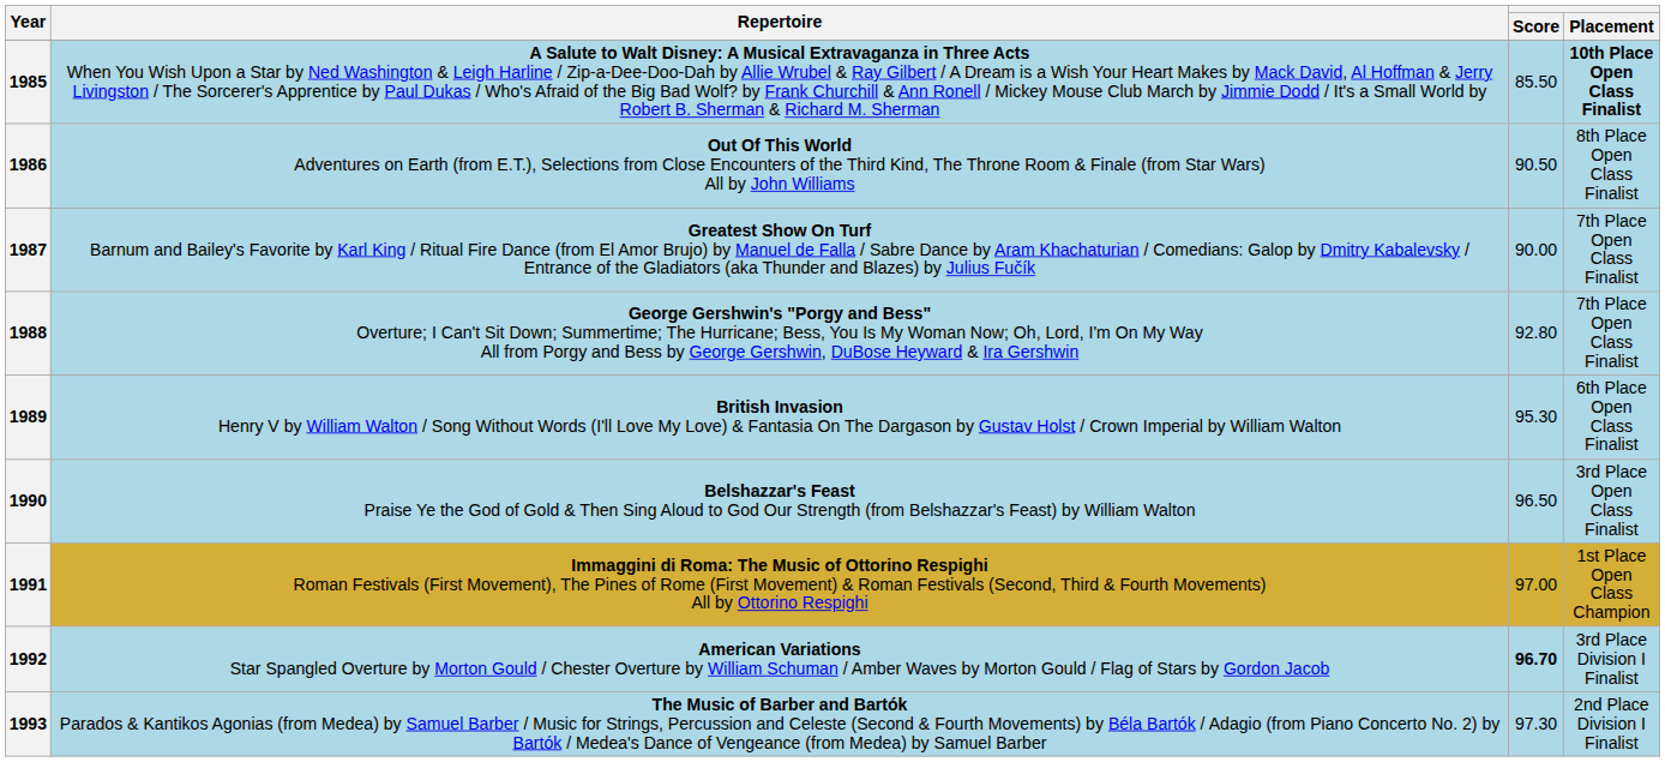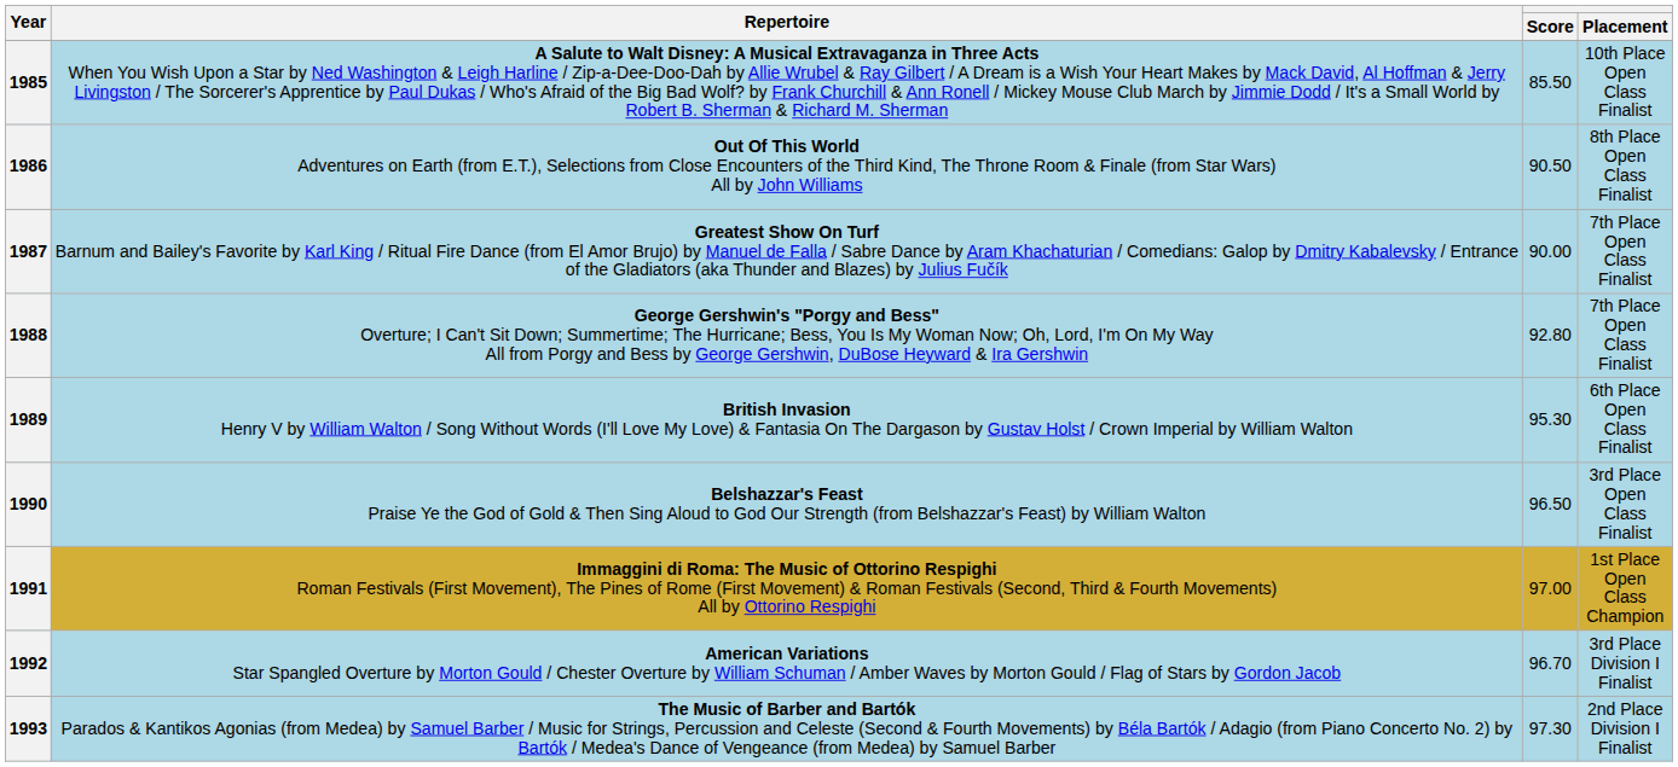 <table class="wikitable" style="text-align: center">
 <tr>
 <th scope="col" rowspan="2">Year</th>
 <th scope="col" rowspan="2">Repertoire</th>
 <th scope="col" colspan="2"></th>
 </tr>
 <tr>
 <th scope="col">Score</th>
 <th scope="col">Placement</th>
 </tr>
 <tr>
 </tr>
 <tr bgcolor =#ADD8E6>
 <th scope="row">1985</th>
 <td><strong>A Salute to Walt Disney: A Musical Extravaganza in Three Acts</strong><br>When You Wish Upon a Star by <a href='#'>Ned Washington</a> & <a href='#'>Leigh Harline</a> / Zip-a-Dee-Doo-Dah by <a href='#'>Allie Wrubel</a> & <a href='#'>Ray Gilbert</a> / A Dream is a Wish Your Heart Makes by <a href='#'>Mack David</a>, <a href='#'>Al Hoffman</a> & <a href='#'>Jerry Livingston</a> / The Sorcerer's Apprentice by <a href='#'>Paul Dukas</a> / Who's Afraid of the Big Bad Wolf? by <a href='#'>Frank Churchill</a> & <a href='#'>Ann Ronell</a> / Mickey Mouse Club March by <a href='#'>Jimmie Dodd</a> / It's a Small World by <a href='#'>Robert B. Sherman</a> & <a href='#'>Richard M. Sherman</a></td>
 <td>85.50</td>
-<td><strong>10th Place<br>Open Class<br>Finalist</strong></td>
+<td>10th Place<br>Open Class<br>Finalist</td>
 </tr>
 <tr bgcolor =#ADD8E6>
 <th scope="row">1986</th>
 <td><strong>Out Of This World</strong><br>Adventures on Earth (from E.T.), Selections from Close Encounters of the Third Kind, The Throne Room & Finale (from Star Wars)<br>All by <a href='#'>John Williams</a></td>
 <td>90.50</td>
 <td>8th Place<br>Open Class<br>Finalist</td>
 </tr>
 <tr bgcolor =#ADD8E6>
 <th scope="row">1987</th>
 <td><strong>Greatest Show On Turf</strong><br>Barnum and Bailey's Favorite by <a href='#'>Karl King</a> / Ritual Fire Dance (from El Amor Brujo) by <a href='#'>Manuel de Falla</a> / Sabre Dance by <a href='#'>Aram Khachaturian</a> / Comedians: Galop by <a href='#'>Dmitry Kabalevsky</a> / Entrance of the Gladiators (aka Thunder and Blazes) by <a href='#'>Julius Fučík</a></td>
 <td>90.00</td>
 <td>7th Place<br>Open Class<br>Finalist</td>
 </tr>
 <tr bgcolor =#ADD8E6>
 <th scope="row">1988</th>
 <td><strong>George Gershwin's "Porgy and Bess"</strong><br>Overture; I Can't Sit Down; Summertime; The Hurricane; Bess, You Is My Woman Now; Oh, Lord, I'm On My Way<br>All from Porgy and Bess by <a href='#'>George Gershwin</a>, <a href='#'>DuBose Heyward</a> & <a href='#'>Ira Gershwin</a></td>
 <td>92.80</td>
 <td>7th Place<br>Open Class<br>Finalist</td>
 </tr>
 <tr bgcolor =#ADD8E6>
 <th scope="row">1989</th>
 <td><strong>British Invasion</strong><br>Henry V by <a href='#'>William Walton</a> / Song Without Words (I'll Love My Love) & Fantasia On The Dargason by <a href='#'>Gustav Holst</a> / Crown Imperial by William Walton</td>
 <td>95.30</td>
 <td>6th Place<br>Open Class<br>Finalist</td>
 </tr>
 <tr bgcolor =#ADD8E6>
 <th scope="row">1990</th>
 <td><strong>Belshazzar's Feast</strong><br>Praise Ye the God of Gold & Then Sing Aloud to God Our Strength (from Belshazzar's Feast) by William Walton</td>
 <td>96.50</td>
 <td>3rd Place<br>Open Class<br>Finalist</td>
 </tr>
 <tr bgcolor=#D4AF37>
 <th scope="row">1991</th>
 <td><strong>Immaggini di Roma: The Music of Ottorino Respighi</strong><br>Roman Festivals (First Movement), The Pines of Rome (First Movement) & Roman Festivals (Second, Third & Fourth Movements)<br>All by <a href='#'>Ottorino Respighi</a></td>
 <td>97.00</td>
 <td>1st Place<br>Open Class<br>Champion</td>
 </tr>
 <tr bgcolor =#ADD8E6>
 <th scope="row">1992</th>
 <td><strong>American Variations</strong><br>Star Spangled Overture by <a href='#'>Morton Gould</a> / Chester Overture by <a href='#'>William Schuman</a> / Amber Waves by Morton Gould / Flag of Stars by <a href='#'>Gordon Jacob</a></td>
-<td><strong>96.70</strong></td>
+<td>96.70</td>
 <td>3rd Place<br>Division I<br>Finalist</td>
 </tr>
 <tr bgcolor =#ADD8E6>
 <th scope="row">1993</th>
 <td><strong>The Music of Barber and Bartók</strong><br>Parados & Kantikos Agonias (from Medea) by <a href='#'>Samuel Barber</a> / Music for Strings, Percussion and Celeste (Second & Fourth Movements) by <a href='#'>Béla Bartók</a> / Adagio (from Piano Concerto No. 2) by <a href='#'>Bartók</a> / Medea's Dance of Vengeance (from Medea) by Samuel Barber</td>
 <td>97.30</td>
 <td>2nd Place<br>Division I<br>Finalist</td>
 </tr>
 </table>
